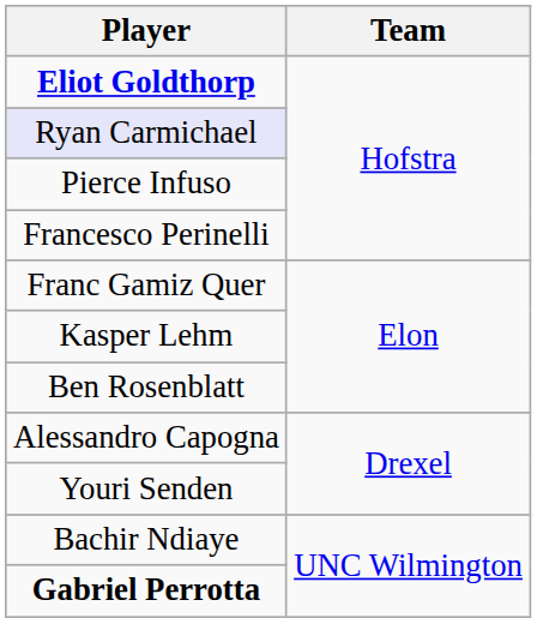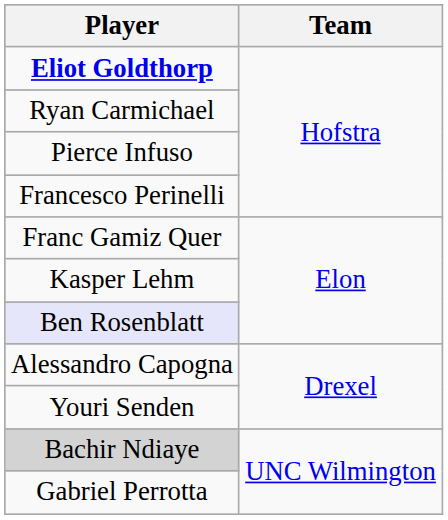 <table class="wikitable" style="text-align: center;">
 <tr>
 <th>Player</th>
 <th>Team</th>
 </tr>
 <tr>
 <td><strong><a href='#'>Eliot Goldthorp</a></strong></td>
 <td rowspan=4><a href='#'>Hofstra</a></td>
 </tr>
 <tr>
-<td style="background: lavender;">Ryan Carmichael</td>
+<td>Ryan Carmichael</td>
 </tr>
 <tr>
 <td>Pierce Infuso</td>
 </tr>
 <tr>
 <td>Francesco Perinelli</td>
 </tr>
 <tr>
 <td>Franc Gamiz Quer</td>
 <td rowspan=3><a href='#'>Elon</a></td>
 </tr>
 <tr>
 <td>Kasper Lehm</td>
 </tr>
 <tr>
-<td>Ben Rosenblatt</td>
+<td style="background: lavender;">Ben Rosenblatt</td>
 </tr>
 <tr>
 <td>Alessandro Capogna</td>
 <td rowspan=2><a href='#'>Drexel</a></td>
 </tr>
 <tr>
 <td>Youri Senden</td>
 </tr>
 <tr>
-<td>Bachir Ndiaye</td>
+<td style="background: lightgrey;">Bachir Ndiaye</td>
 <td rowspan=2><a href='#'>UNC Wilmington</a></td>
 </tr>
 <tr>
-<td><strong>Gabriel Perrotta</strong></td>
+<td>Gabriel Perrotta</td>
 </tr>
 </table>
